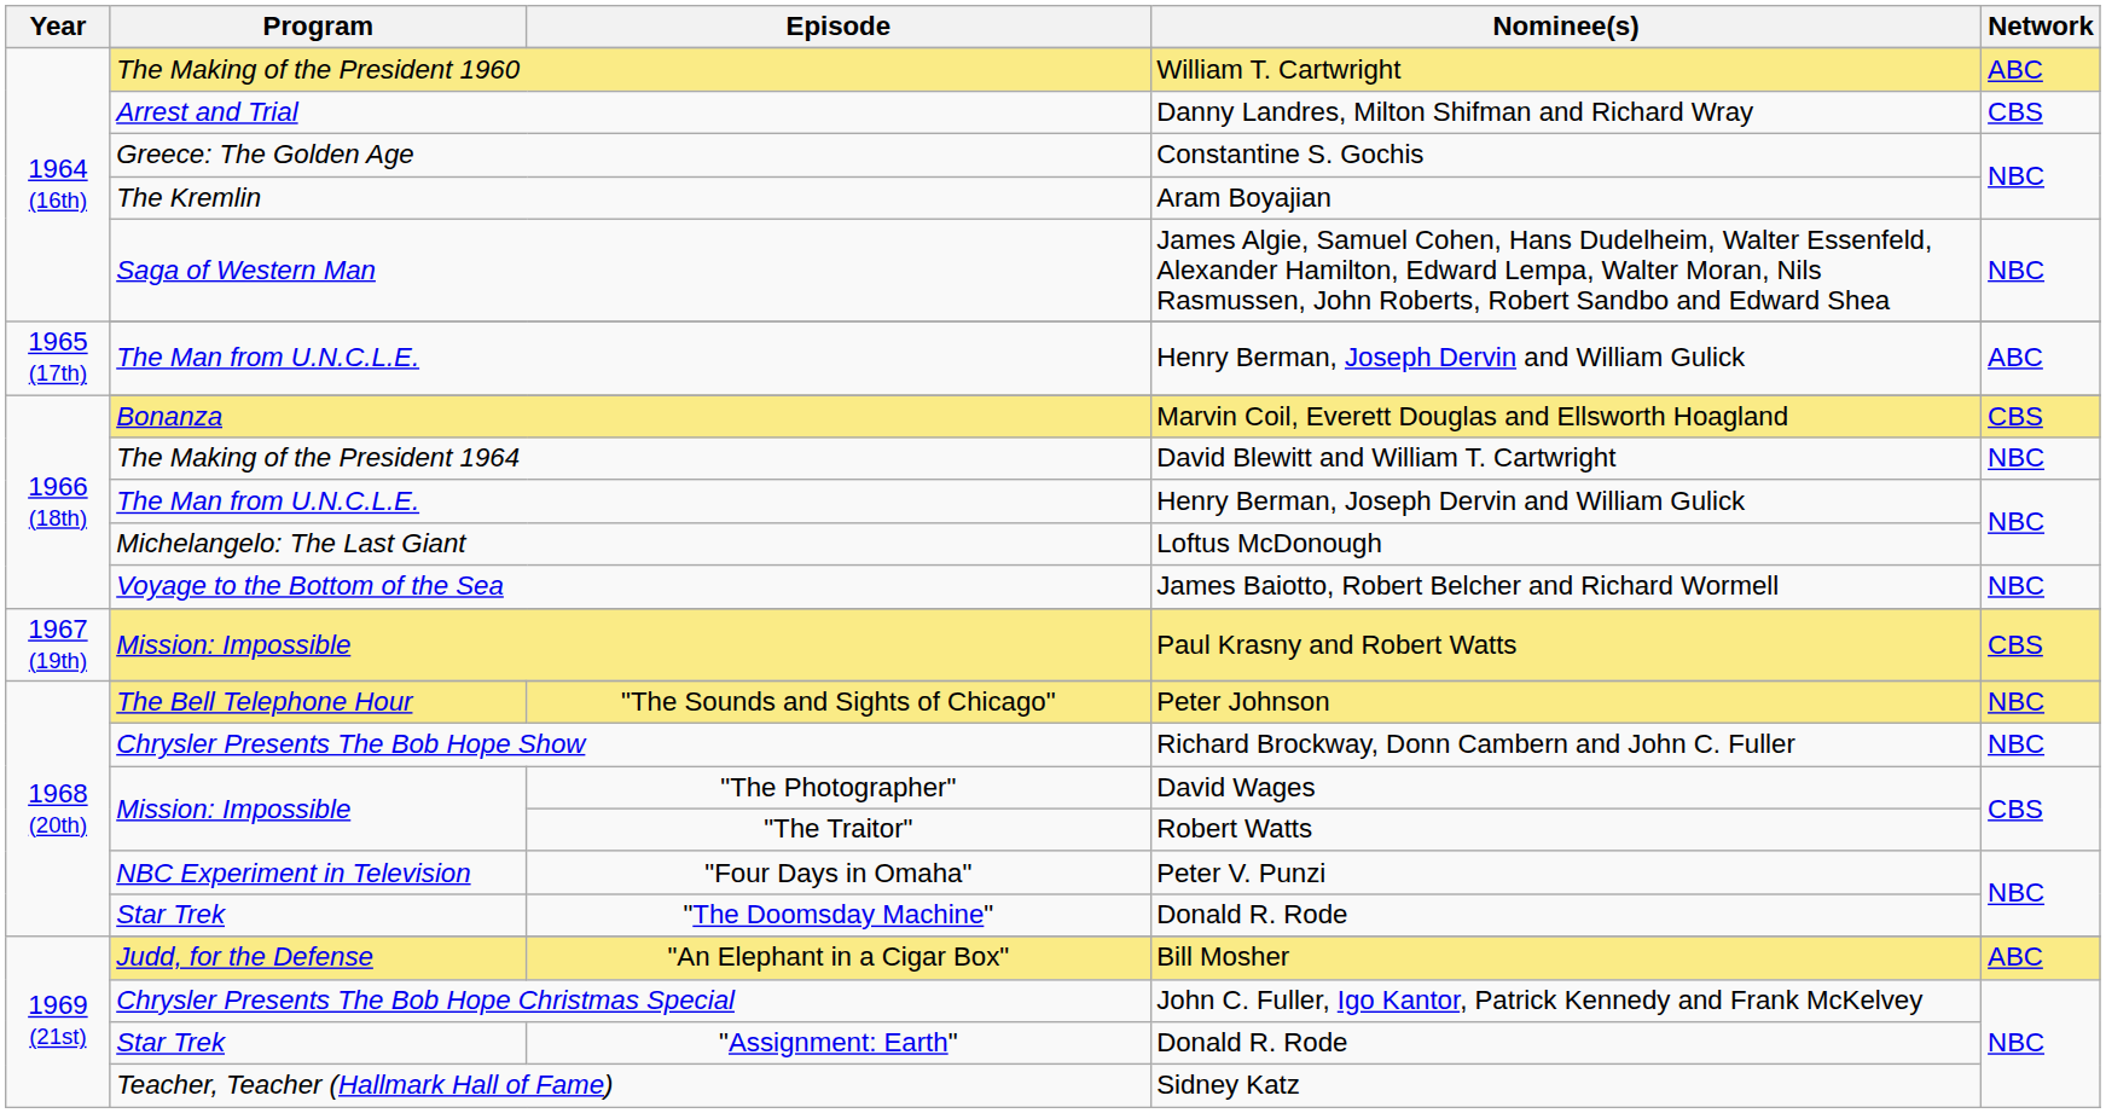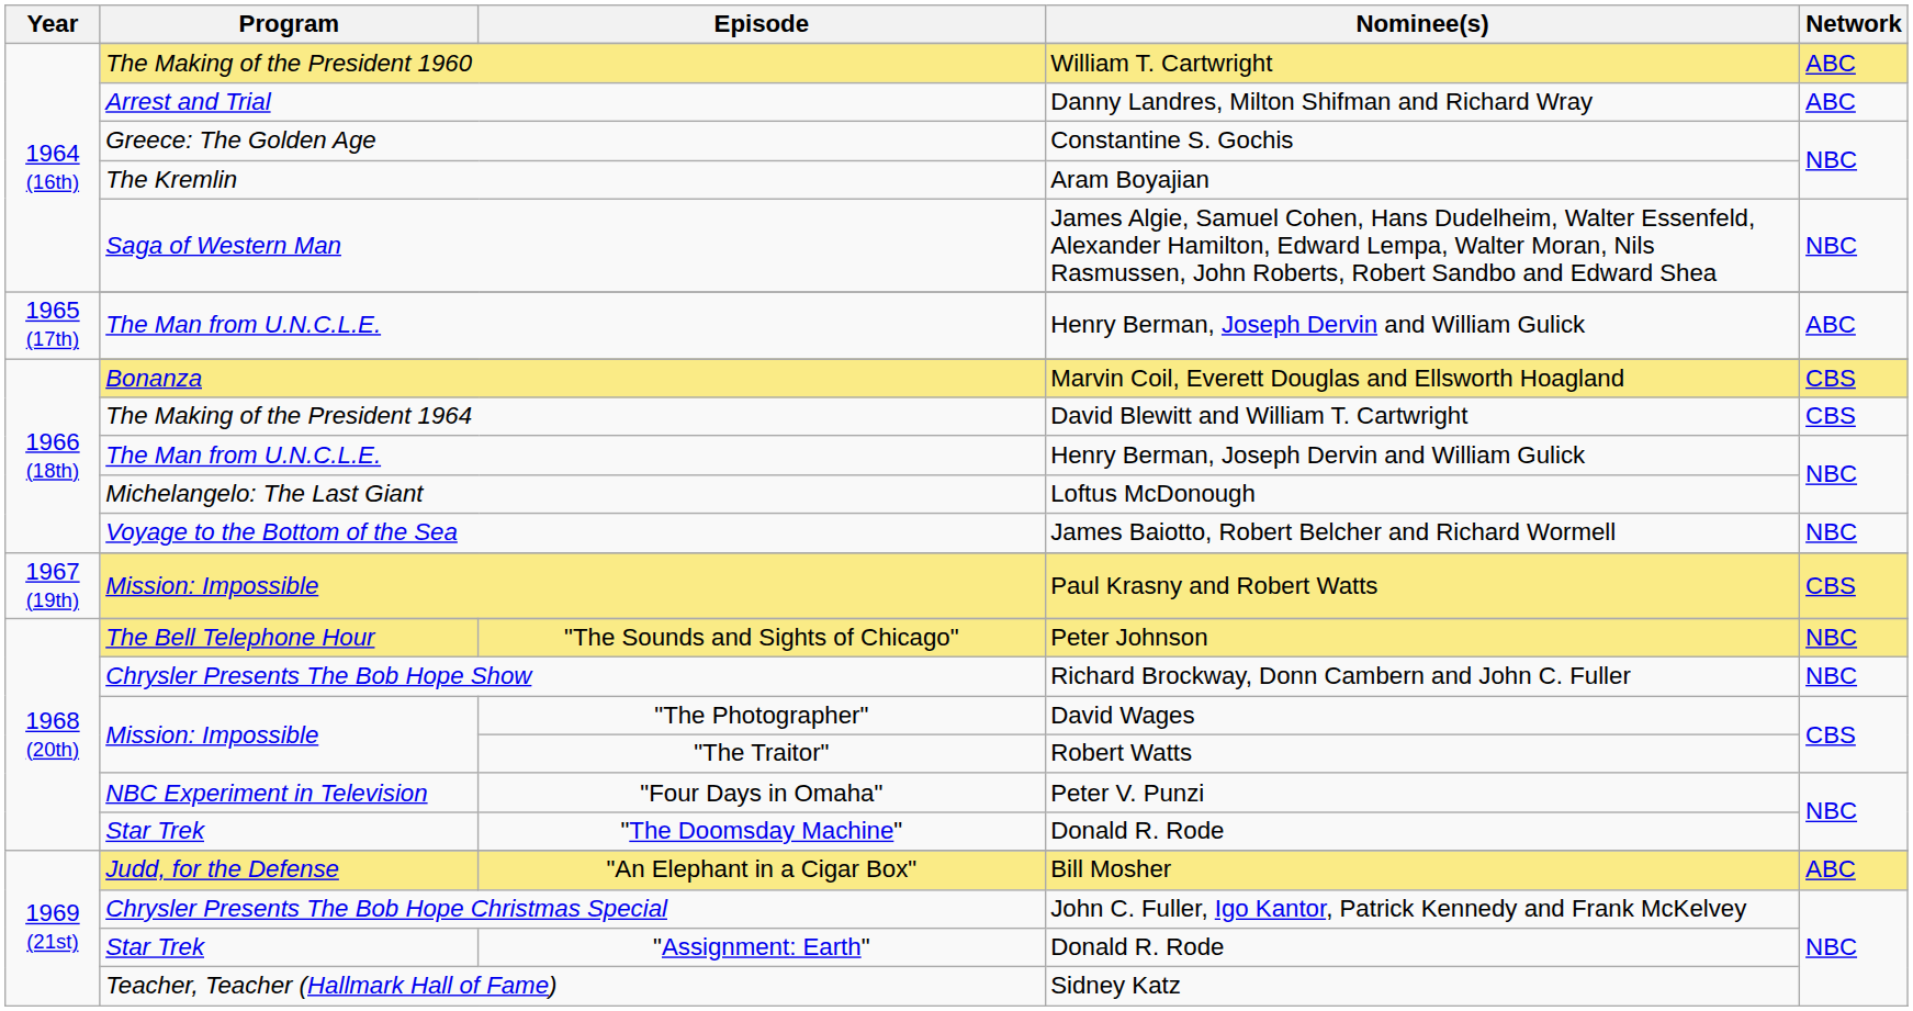 <table class="wikitable">
 <tr>
 <th width="5%">Year</th>
 <th width="20%">Program</th>
 <th width="30%">Episode</th>
 <th width="40%">Nominee(s)</th>
 <th width="5%">Network</th>
 </tr>
 <tr>
 <td rowspan=6 style="text-align:center;"><a href='#'>1964</a><br><small><a href='#'>(16th)</a></small><br></td>
 </tr>
 <tr style="background:#FAEB86;">
 <td colspan=2><em>The Making of the President 1960</em></td>
 <td>William T. Cartwright</td>
 <td><a href='#'>ABC</a></td>
 </tr>
 <tr>
 <td colspan=2><em><a href='#'>Arrest and Trial</a></em></td>
 <td>Danny Landres, Milton Shifman and Richard Wray</td>
-<td><a href='#'>CBS</a></td>
+<td><a href='#'>ABC</a></td>
 </tr>
 <tr>
 <td colspan=2><em>Greece: The Golden Age</em></td>
 <td>Constantine S. Gochis</td>
 <td rowspan=2><a href='#'>NBC</a></td>
 </tr>
 <tr>
 <td colspan=2><em>The Kremlin</em></td>
 <td>Aram Boyajian</td>
 </tr>
 <tr>
 <td colspan=2><em><a href='#'>Saga of Western Man</a></em></td>
 <td>James Algie, Samuel Cohen, Hans Dudelheim, Walter Essenfeld, Alexander Hamilton, Edward Lempa, Walter Moran, Nils Rasmussen, John Roberts, Robert Sandbo and Edward Shea</td>
 <td><a href='#'>NBC</a></td>
 </tr>
 <tr>
 <td rowspan=2 style="text-align:center;"><a href='#'>1965</a><br><small><a href='#'>(17th)</a></small></td>
 </tr>
 <tr>
 <td colspan=2><em><a href='#'>The Man from U.N.C.L.E.</a></em></td>
 <td>Henry Berman, <a href='#'>Joseph Dervin</a> and William Gulick</td>
 <td><a href='#'>ABC</a></td>
 </tr>
 <tr>
 <td rowspan=6 style="text-align:center;"><a href='#'>1966</a><br><small><a href='#'>(18th)</a></small><br></td>
 </tr>
 <tr style="background:#FAEB86;">
 <td colspan=2><em><a href='#'>Bonanza</a></em></td>
 <td>Marvin Coil, Everett Douglas and Ellsworth Hoagland</td>
 <td><a href='#'>CBS</a></td>
 </tr>
 <tr>
 <td colspan=2><em>The Making of the President 1964</em></td>
 <td>David Blewitt and William T. Cartwright</td>
-<td><a href='#'>NBC</a></td>
+<td><a href='#'>CBS</a></td>
 </tr>
 <tr>
 <td colspan=2><em><a href='#'>The Man from U.N.C.L.E.</a></em></td>
 <td>Henry Berman, Joseph Dervin and William Gulick</td>
 <td rowspan=2><a href='#'>NBC</a></td>
 </tr>
 <tr>
 <td colspan=2><em>Michelangelo: The Last Giant</em></td>
 <td>Loftus McDonough</td>
 </tr>
 <tr>
 <td colspan=2><em><a href='#'>Voyage to the Bottom of the Sea</a></em></td>
 <td>James Baiotto, Robert Belcher and Richard Wormell</td>
 <td><a href='#'>NBC</a></td>
 </tr>
 <tr>
 <td rowspan=2 style="text-align:center;"><a href='#'>1967</a><br><small><a href='#'>(19th)</a></small></td>
 </tr>
 <tr style="background:#FAEB86;">
 <td colspan=2><em><a href='#'>Mission: Impossible</a></em></td>
 <td>Paul Krasny and Robert Watts</td>
 <td><a href='#'>CBS</a></td>
 </tr>
 <tr>
 <td rowspan=7 style="text-align:center;"><a href='#'>1968</a><br><small><a href='#'>(20th)</a></small><br></td>
 </tr>
 <tr style="background:#FAEB86;">
 <td><em><a href='#'>The Bell Telephone Hour</a></em></td>
 <td align=center>"The Sounds and Sights of Chicago"</td>
 <td>Peter Johnson</td>
 <td><a href='#'>NBC</a></td>
 </tr>
 <tr>
 <td colspan=2><em><a href='#'>Chrysler Presents The Bob Hope Show</a></em></td>
 <td>Richard Brockway, Donn Cambern and John C. Fuller</td>
 <td><a href='#'>NBC</a></td>
 </tr>
 <tr>
 <td rowspan=2><em><a href='#'>Mission: Impossible</a></em></td>
 <td align=center>"The Photographer"</td>
 <td>David Wages</td>
 <td rowspan=2><a href='#'>CBS</a></td>
 </tr>
 <tr>
 <td align=center>"The Traitor"</td>
 <td>Robert Watts</td>
 </tr>
 <tr>
 <td><em><a href='#'>NBC Experiment in Television</a></em></td>
 <td align=center>"Four Days in Omaha"</td>
 <td>Peter V. Punzi</td>
 <td rowspan=2><a href='#'>NBC</a></td>
 </tr>
 <tr>
 <td><em><a href='#'>Star Trek</a></em></td>
 <td align=center>"<a href='#'>The Doomsday Machine</a>"</td>
 <td>Donald R. Rode</td>
 </tr>
 <tr>
 <td rowspan=5 style="text-align:center;"><a href='#'>1969</a><br><small><a href='#'>(21st)</a></small><br></td>
 </tr>
 <tr style="background:#FAEB86;">
 <td><em><a href='#'>Judd, for the Defense</a></em></td>
 <td align=center>"An Elephant in a Cigar Box"</td>
 <td>Bill Mosher</td>
 <td><a href='#'>ABC</a></td>
 </tr>
 <tr>
 <td colspan=2><em><a href='#'>Chrysler Presents The Bob Hope Christmas Special</a></em></td>
 <td>John C. Fuller, <a href='#'>Igo Kantor</a>, Patrick Kennedy and Frank McKelvey</td>
 <td rowspan=3><a href='#'>NBC</a></td>
 </tr>
 <tr>
 <td><em><a href='#'>Star Trek</a></em></td>
 <td align=center>"<a href='#'>Assignment: Earth</a>"</td>
 <td>Donald R. Rode</td>
 </tr>
 <tr>
 <td colspan=2><em>Teacher, Teacher (<a href='#'>Hallmark Hall of Fame</a>)</em></td>
 <td>Sidney Katz</td>
 </tr>
 <tr>
 </tr>
 </table>
